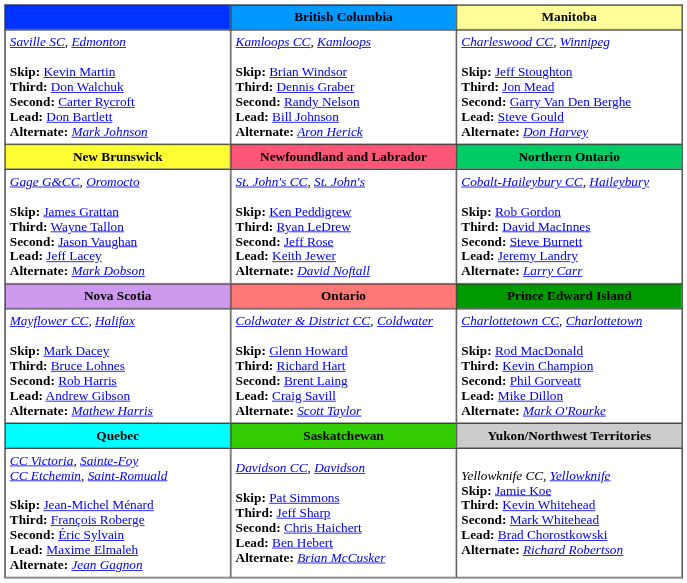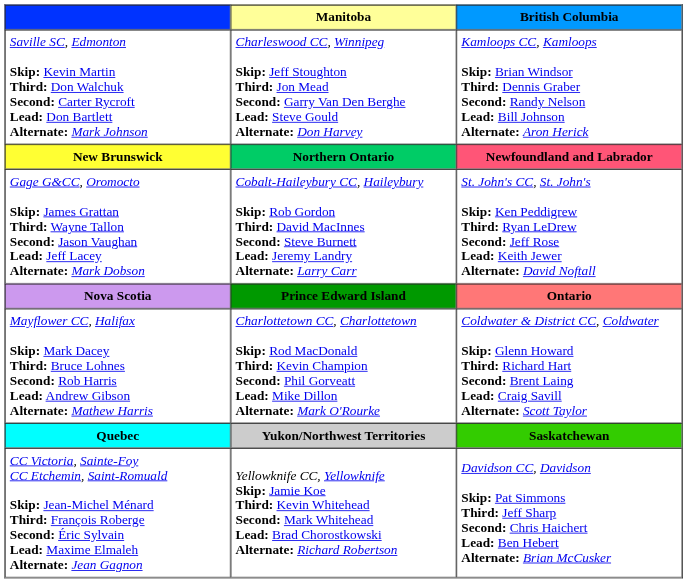 <table border=1 cellpadding=5 cellspacing=0>
 <tr>
 <th bgcolor="#0033ff" width="260"></th>
+<th bgcolor="#ffff99" width="260">Manitoba</th>
 <th bgcolor="#0099ff" width="260">British Columbia</th>
-<th bgcolor="#ffff99" width="260">Manitoba</th>
 </tr>
 <tr align=center>
 <td align=left><em><a href='#'>Saville SC</a>, <a href='#'>Edmonton</a></em> <br><br><strong>Skip:</strong> <a href='#'>Kevin Martin</a> <br> <strong>Third:</strong> <a href='#'>Don Walchuk</a> <br> <strong>Second:</strong> <a href='#'>Carter Rycroft</a> <br> <strong>Lead:</strong> <a href='#'>Don Bartlett</a> <br> <strong>Alternate:</strong> <em><a href='#'>Mark Johnson</a></em></td>
+<td align=left><em><a href='#'>Charleswood CC</a>, <a href='#'>Winnipeg</a></em> <br><br><strong>Skip:</strong> <a href='#'>Jeff Stoughton</a> <br> <strong>Third:</strong> <a href='#'>Jon Mead</a> <br> <strong>Second:</strong> <a href='#'>Garry Van Den Berghe</a> <br> <strong>Lead:</strong> <a href='#'>Steve Gould</a> <br> <strong>Alternate:</strong> <em><a href='#'>Don Harvey</a></em></td>
 <td align=left><em><a href='#'>Kamloops CC</a>, <a href='#'>Kamloops</a></em> <br><br><strong>Skip:</strong> <a href='#'>Brian Windsor</a> <br> <strong>Third:</strong> <a href='#'>Dennis Graber</a> <br> <strong>Second:</strong> <a href='#'>Randy Nelson</a> <br> <strong>Lead:</strong> <a href='#'>Bill Johnson</a> <br> <strong>Alternate:</strong> <em><a href='#'>Aron Herick</a></em></td>
-<td align=left><em><a href='#'>Charleswood CC</a>, <a href='#'>Winnipeg</a></em> <br><br><strong>Skip:</strong> <a href='#'>Jeff Stoughton</a> <br> <strong>Third:</strong> <a href='#'>Jon Mead</a> <br> <strong>Second:</strong> <a href='#'>Garry Van Den Berghe</a> <br> <strong>Lead:</strong> <a href='#'>Steve Gould</a> <br> <strong>Alternate:</strong> <em><a href='#'>Don Harvey</a></em></td>
 </tr>
 <tr border=1 cellpadding=5 cellspacing=0>
 <th bgcolor="#ffff33" width="260">New Brunswick</th>
+<th bgcolor="#00CC66" width="260">Northern Ontario</th>
 <th bgcolor="#ff5577" width="260">Newfoundland and Labrador</th>
-<th bgcolor="#00CC66" width="260">Northern Ontario</th>
 </tr>
 <tr align=center>
 <td align=left><em><a href='#'>Gage G&CC</a>, <a href='#'>Oromocto</a></em> <br><br><strong>Skip:</strong> <a href='#'>James Grattan</a> <br> <strong>Third:</strong> <a href='#'>Wayne Tallon</a> <br> <strong>Second:</strong> <a href='#'>Jason Vaughan</a> <br> <strong>Lead:</strong> <a href='#'>Jeff Lacey</a> <br> <strong>Alternate:</strong> <em><a href='#'>Mark Dobson</a></em></td>
+<td align=left><em><a href='#'>Cobalt-Haileybury CC</a>, <a href='#'>Haileybury</a></em> <br><br><strong>Skip:</strong> <a href='#'>Rob Gordon</a> <br> <strong>Third:</strong> <a href='#'>David MacInnes</a> <br> <strong>Second:</strong> <a href='#'>Steve Burnett</a> <br> <strong>Lead:</strong> <a href='#'>Jeremy Landry</a> <br> <strong>Alternate:</strong> <em><a href='#'>Larry Carr</a></em></td>
 <td align=left><em><a href='#'>St. John's CC</a>, <a href='#'>St. John's</a></em> <br><br><strong>Skip:</strong> <a href='#'>Ken Peddigrew</a> <br> <strong>Third:</strong> <a href='#'>Ryan LeDrew</a> <br> <strong>Second:</strong> <a href='#'>Jeff Rose</a> <br> <strong>Lead:</strong> <a href='#'>Keith Jewer</a> <br> <strong>Alternate:</strong> <em><a href='#'>David Noftall</a></em></td>
-<td align=left><em><a href='#'>Cobalt-Haileybury CC</a>, <a href='#'>Haileybury</a></em> <br><br><strong>Skip:</strong> <a href='#'>Rob Gordon</a> <br> <strong>Third:</strong> <a href='#'>David MacInnes</a> <br> <strong>Second:</strong> <a href='#'>Steve Burnett</a> <br> <strong>Lead:</strong> <a href='#'>Jeremy Landry</a> <br> <strong>Alternate:</strong> <em><a href='#'>Larry Carr</a></em></td>
 </tr>
 <tr border=1 cellpadding=5 cellspacing=0>
 <th bgcolor="#cc99ee" width="260">Nova Scotia</th>
+<th bgcolor="#009900" width="260">Prince Edward Island</th>
 <th bgcolor="#ff7777" width="260">Ontario</th>
-<th bgcolor="#009900" width="260">Prince Edward Island</th>
 </tr>
 <tr align=center>
 <td align=left><em><a href='#'>Mayflower CC</a>, <a href='#'>Halifax</a></em> <br><br><strong>Skip:</strong> <a href='#'>Mark Dacey</a> <br> <strong>Third:</strong> <a href='#'>Bruce Lohnes</a> <br> <strong>Second:</strong> <a href='#'>Rob Harris</a> <br> <strong>Lead:</strong> <a href='#'>Andrew Gibson</a> <br> <strong>Alternate:</strong> <em><a href='#'>Mathew Harris</a></em></td>
+<td align=left><em><a href='#'>Charlottetown CC</a>, <a href='#'>Charlottetown</a></em> <br><br><strong>Skip:</strong> <a href='#'>Rod MacDonald</a> <br> <strong>Third:</strong> <a href='#'>Kevin Champion</a> <br> <strong>Second:</strong> <a href='#'>Phil Gorveatt</a> <br> <strong>Lead:</strong> <a href='#'>Mike Dillon</a> <br> <strong>Alternate:</strong> <em><a href='#'>Mark O'Rourke</a></em></td>
 <td align=left><em><a href='#'>Coldwater & District CC</a>, <a href='#'>Coldwater</a></em> <br><br><strong>Skip:</strong> <a href='#'>Glenn Howard</a> <br> <strong>Third:</strong> <a href='#'>Richard Hart</a> <br> <strong>Second:</strong> <a href='#'>Brent Laing</a> <br> <strong>Lead:</strong> <a href='#'>Craig Savill</a> <br> <strong>Alternate:</strong> <em><a href='#'>Scott Taylor</a></em></td>
-<td align=left><em><a href='#'>Charlottetown CC</a>, <a href='#'>Charlottetown</a></em> <br><br><strong>Skip:</strong> <a href='#'>Rod MacDonald</a> <br> <strong>Third:</strong> <a href='#'>Kevin Champion</a> <br> <strong>Second:</strong> <a href='#'>Phil Gorveatt</a> <br> <strong>Lead:</strong> <a href='#'>Mike Dillon</a> <br> <strong>Alternate:</strong> <em><a href='#'>Mark O'Rourke</a></em></td>
 </tr>
 <tr border=1 cellpadding=5 cellspacing=0>
 <th bgcolor="#00ffff" width="260">Quebec</th>
+<th bgcolor="#cccccc" width="260">Yukon/Northwest Territories</th>
 <th bgcolor="#33cc00" width="260">Saskatchewan</th>
-<th bgcolor="#cccccc" width="260">Yukon/Northwest Territories</th>
 </tr>
 <tr align=center>
 <td align=left><em><a href='#'>CC Victoria</a>, <a href='#'>Sainte-Foy</a> <br> <a href='#'>CC Etchemin</a>, <a href='#'>Saint-Romuald</a></em> <br><br><strong>Skip:</strong> <a href='#'>Jean-Michel Ménard</a> <br> <strong>Third:</strong> <a href='#'>François Roberge</a> <br> <strong>Second:</strong> <a href='#'>Éric Sylvain</a> <br> <strong>Lead:</strong> <a href='#'>Maxime Elmaleh</a> <br> <strong>Alternate:</strong> <em><a href='#'>Jean Gagnon</a></em></td>
+<td align=left><em>Yellowknife CC, <a href='#'>Yellowknife</a></em><br><strong>Skip:</strong> <a href='#'>Jamie Koe</a> <br> <strong>Third:</strong> <a href='#'>Kevin Whitehead</a> <br> <strong>Second:</strong> <a href='#'>Mark Whitehead</a> <br> <strong>Lead:</strong> <a href='#'>Brad Chorostkowski</a> <br> <strong>Alternate:</strong> <em><a href='#'>Richard Robertson</a></em></td>
 <td align=left><em><a href='#'>Davidson CC</a>, <a href='#'>Davidson</a></em> <br><br><strong>Skip:</strong> <a href='#'>Pat Simmons</a> <br> <strong>Third:</strong> <a href='#'>Jeff Sharp</a> <br> <strong>Second:</strong> <a href='#'>Chris Haichert</a> <br> <strong>Lead:</strong> <a href='#'>Ben Hebert</a> <br> <strong>Alternate:</strong> <em><a href='#'>Brian McCusker</a></em></td>
-<td align=left><em>Yellowknife CC, <a href='#'>Yellowknife</a></em><br><strong>Skip:</strong> <a href='#'>Jamie Koe</a> <br> <strong>Third:</strong> <a href='#'>Kevin Whitehead</a> <br> <strong>Second:</strong> <a href='#'>Mark Whitehead</a> <br> <strong>Lead:</strong> <a href='#'>Brad Chorostkowski</a> <br> <strong>Alternate:</strong> <em><a href='#'>Richard Robertson</a></em></td>
 </tr>
 </table>
